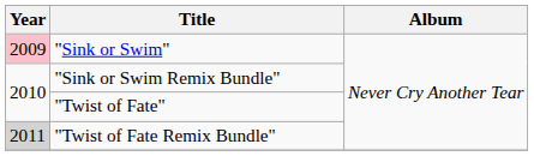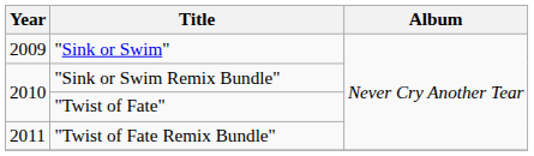 <table class="wikitable">
 <tr>
 <th rowspan="1">Year</th>
 <th rowspan="1" width="250">Title</th>
 <th rowspan="1">Album</th>
 </tr>
 <tr>
-<td rowspan="1" style="background: pink;">2009</td>
+<td rowspan="1">2009</td>
 <td>"<a href='#'>Sink or Swim</a>"</td>
 <td rowspan="4"><em>Never Cry Another Tear</em></td>
 </tr>
 <tr>
 <td rowspan="2">2010</td>
 <td>"Sink or Swim Remix Bundle"</td>
 </tr>
 <tr>
 <td>"Twist of Fate"</td>
 </tr>
 <tr>
-<td rowspan="1" style="background: lightgrey;">2011</td>
+<td rowspan="1">2011</td>
 <td>"Twist of Fate Remix Bundle"</td>
 </tr>
 <tr>
 </tr>
 </table>
